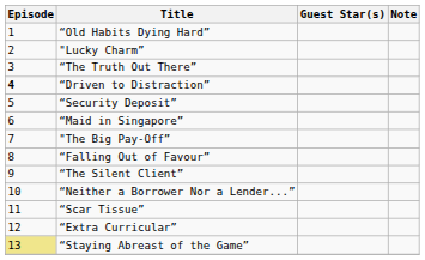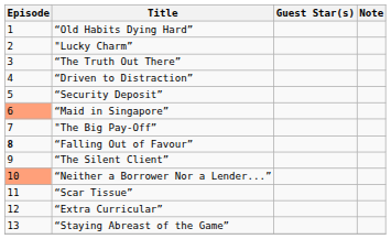 <table class="wikitable">
 <tr>
 <th>Episode</th>
 <th>Title</th>
 <th>Guest Star(s)</th>
 <th>Note</th>
 </tr>
 <tr>
 <td>1</td>
 <td>“Old Habits Dying Hard”</td>
 <td></td>
 <td></td>
 </tr>
 <tr>
 <td>2</td>
 <td>"Lucky Charm”</td>
 <td></td>
 <td></td>
 </tr>
 <tr>
 <td>3</td>
 <td>“The Truth Out There”</td>
 <td></td>
 <td></td>
 </tr>
 <tr>
-<td><strong>4</strong></td>
+<td>4</td>
 <td>“Driven to Distraction”</td>
 <td></td>
 <td></td>
 </tr>
 <tr>
 <td>5</td>
 <td>“Security Deposit”</td>
 <td></td>
 <td></td>
 </tr>
 <tr>
-<td>6</td>
+<td style="background: lightsalmon;">6</td>
 <td>“Maid in Singapore”</td>
 <td></td>
 <td></td>
 </tr>
 <tr>
 <td>7</td>
 <td>"The Big Pay-Off”</td>
 <td></td>
 <td></td>
 </tr>
 <tr>
-<td>8</td>
+<td><strong>8</strong></td>
 <td>“Falling Out of Favour”</td>
 <td></td>
 <td></td>
 </tr>
 <tr>
 <td>9</td>
 <td>“The Silent Client”</td>
 <td></td>
 <td></td>
 </tr>
 <tr>
-<td>10</td>
+<td style="background: lightsalmon;">10</td>
 <td>“Neither a Borrower Nor a Lender...”</td>
 <td></td>
 <td></td>
 </tr>
 <tr>
 <td>11</td>
 <td>“Scar Tissue”</td>
 <td></td>
 <td></td>
 </tr>
 <tr>
 <td>12</td>
 <td>“Extra Curricular”</td>
 <td></td>
 <td></td>
 </tr>
 <tr>
-<td style="background: khaki;">13</td>
+<td>13</td>
 <td>“Staying Abreast of the Game”</td>
 <td></td>
 <td></td>
 </tr>
 <tr>
 </tr>
 </table>
